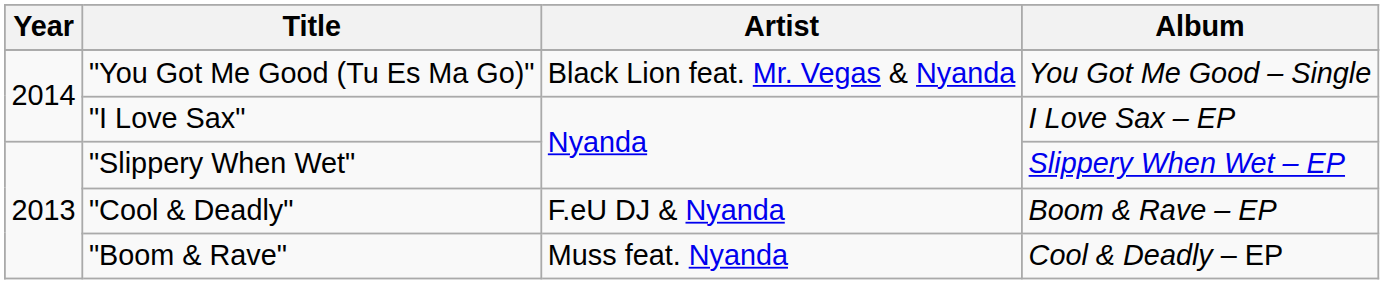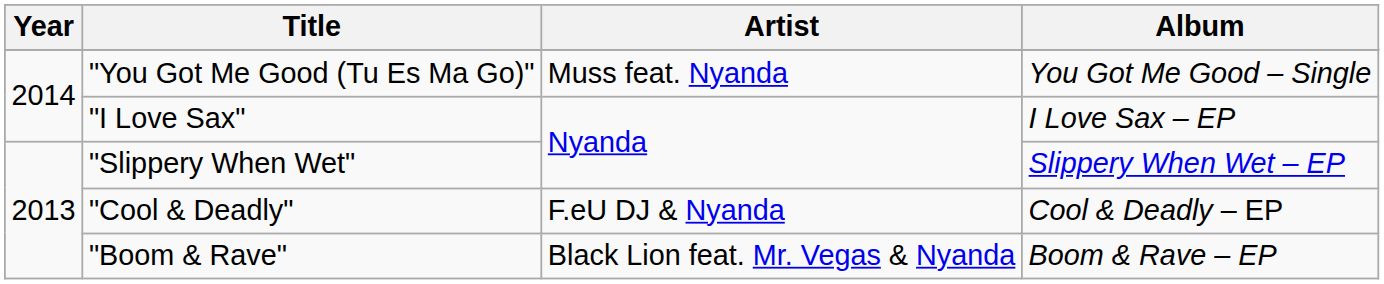 <table class="wikitable">
 <tr>
 <th>Year</th>
 <th>Title</th>
 <th>Artist</th>
 <th>Album</th>
 </tr>
 <tr>
 </tr>
 <tr>
 <td rowspan = 2>2014</td>
 <td>"You Got Me Good (Tu Es Ma Go)"</td>
-<td>Black Lion feat. <a href='#'>Mr. Vegas</a> & <a href='#'>Nyanda</a></td>
+<td>Muss feat. <a href='#'>Nyanda</a></td>
 <td><em>You Got Me Good – Single</em></td>
 </tr>
 <tr>
 <td>"I Love Sax"</td>
 <td rowspan = 2><a href='#'>Nyanda</a></td>
 <td><em> I Love Sax – EP</em></td>
 </tr>
 <tr>
 <td rowspan = 3>2013</td>
 <td>"Slippery When Wet"</td>
 <td><em> <a href='#'>Slippery When Wet – EP</a></em></td>
 </tr>
 <tr>
 <td>"Cool & Deadly"</td>
 <td>F.eU DJ & <a href='#'>Nyanda</a></td>
-<td><em>Boom & Rave – EP</em></td>
+<td><em>Cool & Deadly</em> – EP</td>
 </tr>
 <tr>
 <td>"Boom & Rave"</td>
-<td>Muss feat. <a href='#'>Nyanda</a></td>
-<td><em>Cool & Deadly</em> – EP</td>
+<td>Black Lion feat. <a href='#'>Mr. Vegas</a> & <a href='#'>Nyanda</a></td>
+<td><em>Boom & Rave – EP</em></td>
 </tr>
 </table>
